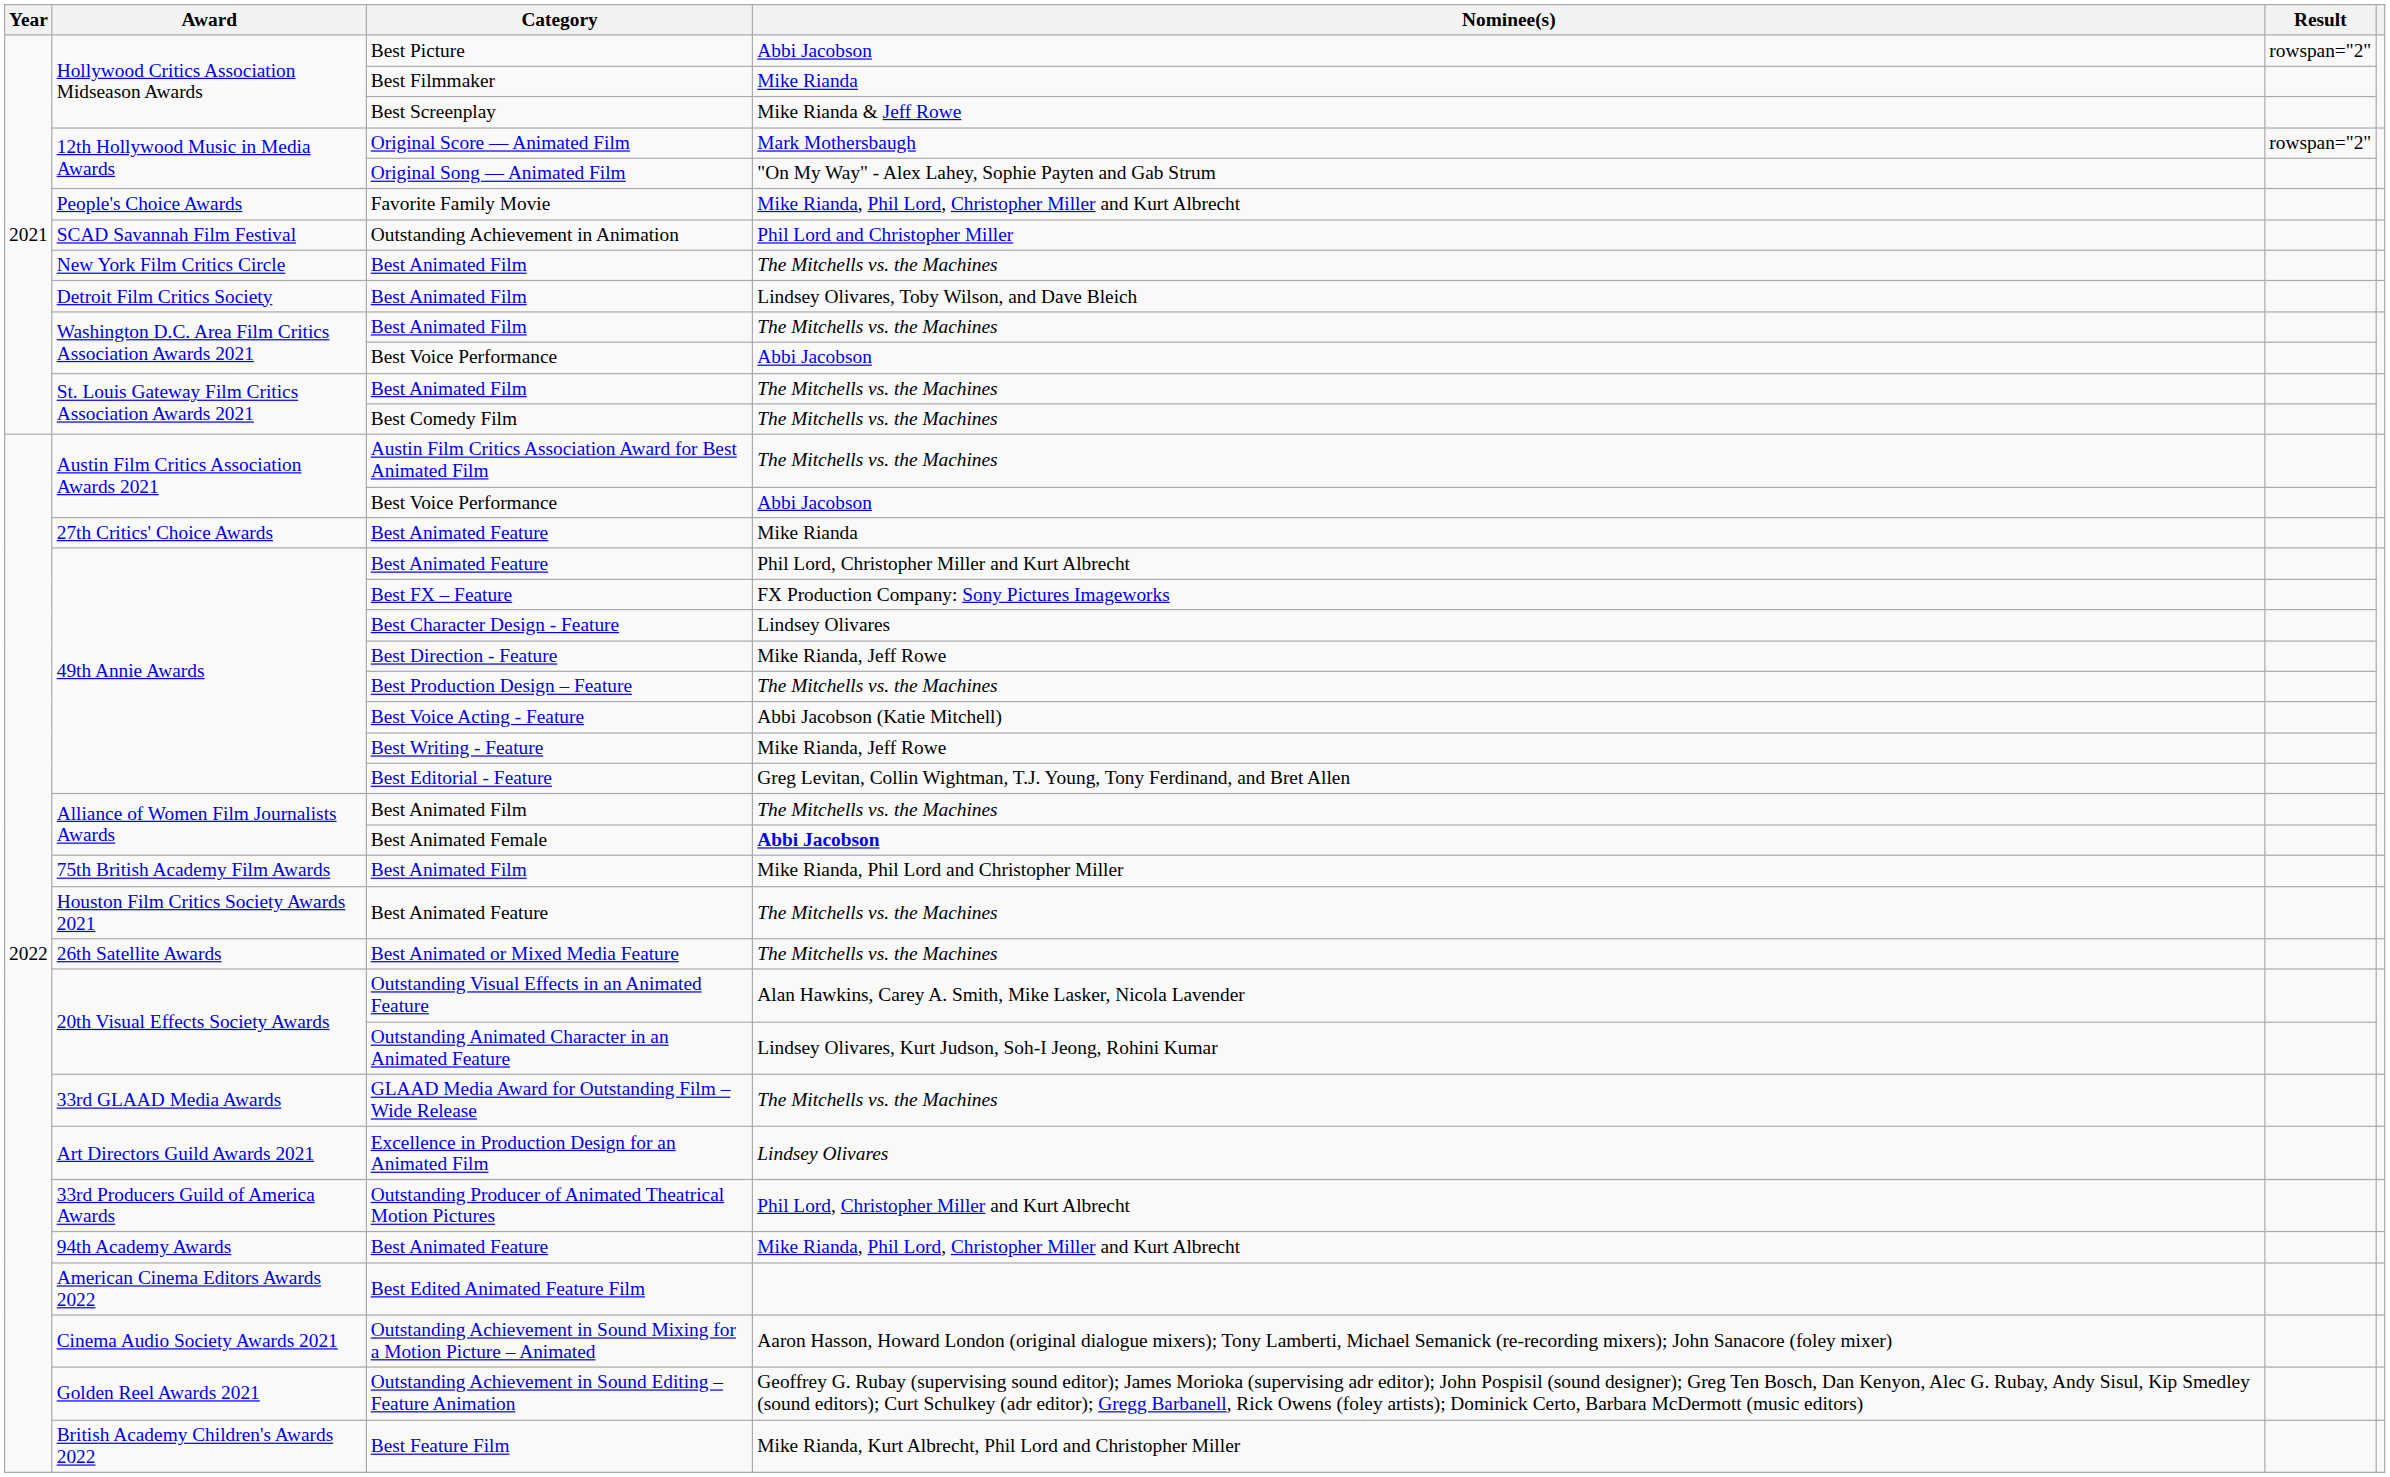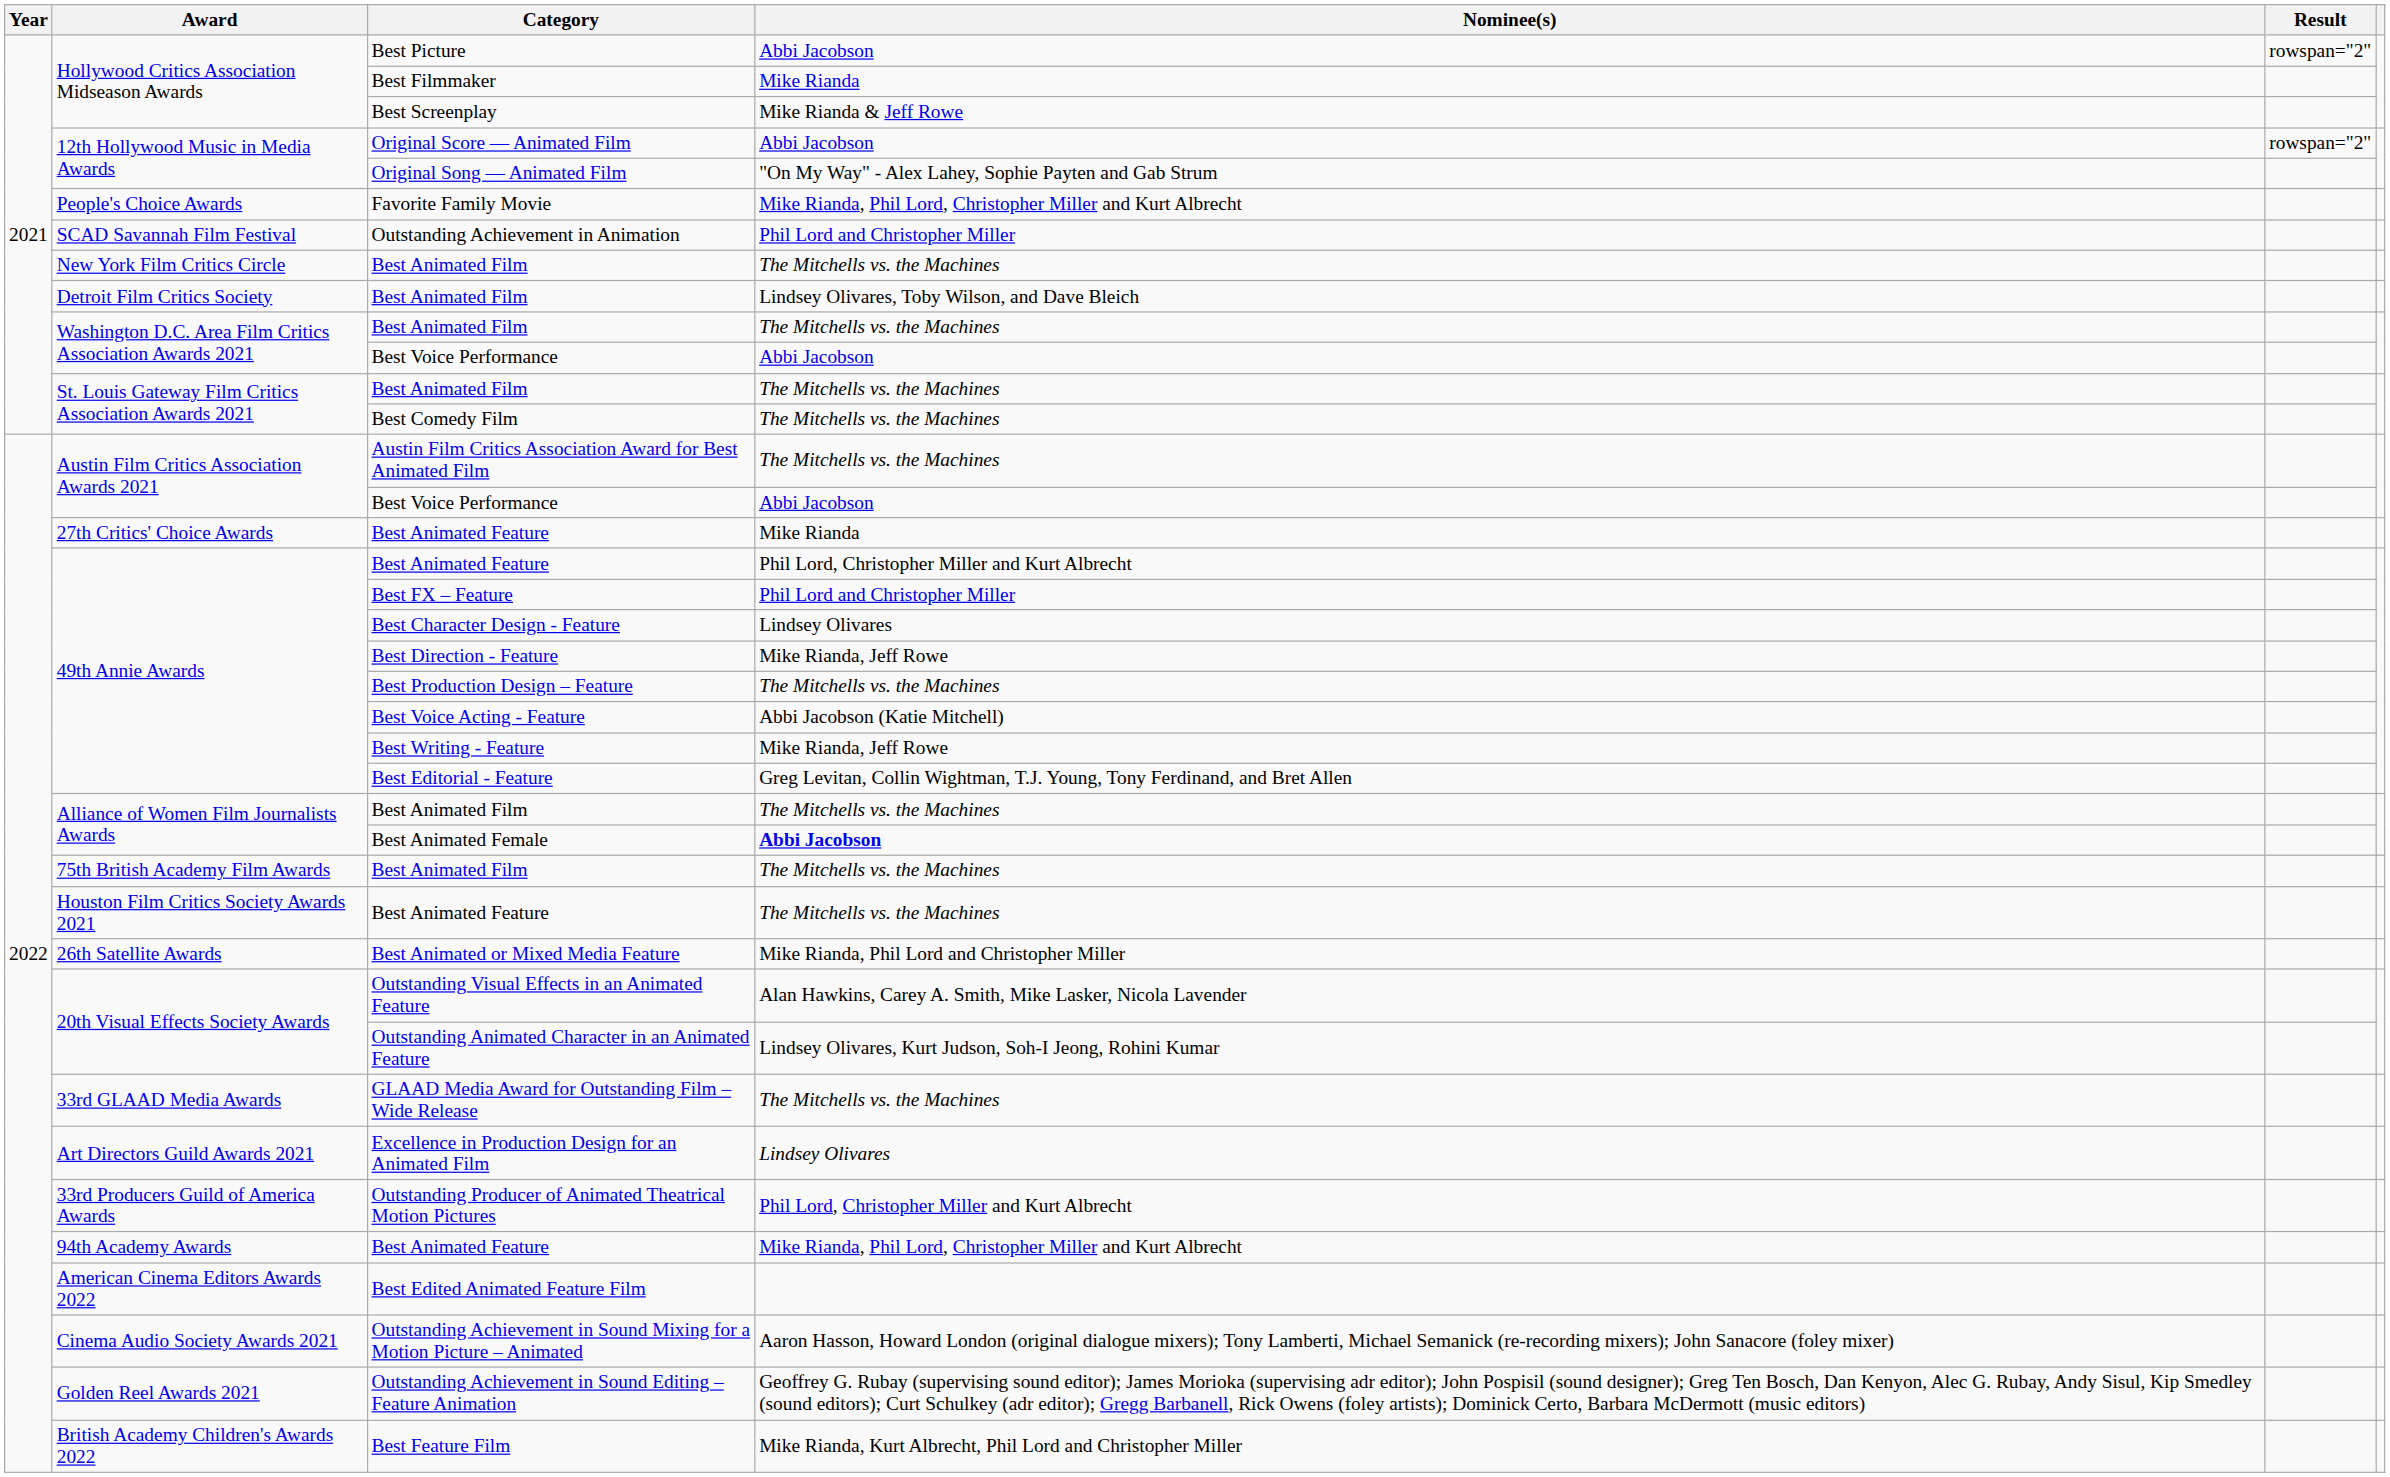 <table class="wikitable">
 <tr>
 <th>Year</th>
 <th>Award</th>
 <th>Category</th>
 <th>Nominee(s)</th>
 <th>Result</th>
 <th></th>
 </tr>
 <tr>
 <td rowspan="13">2021</td>
 <td rowspan="3"><a href='#'>Hollywood Critics Association</a> Midseason Awards</td>
 <td>Best Picture</td>
 <td><a href='#'>Abbi Jacobson</a></td>
 <td>rowspan="2" </td>
 <td rowspan="3" style="text-align:center;"></td>
 </tr>
 <tr>
 <td>Best Filmmaker</td>
 <td><a href='#'>Mike Rianda</a></td>
 </tr>
 <tr>
 <td>Best Screenplay</td>
 <td>Mike Rianda & <a href='#'>Jeff Rowe</a></td>
 <td></td>
 </tr>
 <tr>
 <td rowspan="2"><a href='#'>12th Hollywood Music in Media Awards</a></td>
 <td><a href='#'>Original Score — Animated Film</a></td>
-<td><a href='#'>Mark Mothersbaugh</a></td>
+<td><a href='#'>Abbi Jacobson</a></td>
 <td>rowspan="2" </td>
 <td rowspan="2" style="text-align:center;"></td>
 </tr>
 <tr>
 <td><a href='#'>Original Song — Animated Film</a></td>
 <td>"On My Way" - Alex Lahey, Sophie Payten and Gab Strum</td>
 </tr>
 <tr>
 <td><a href='#'>People's Choice Awards</a></td>
 <td>Favorite Family Movie</td>
 <td><a href='#'>Mike Rianda</a>, <a href='#'>Phil Lord</a>, <a href='#'>Christopher Miller</a> and Kurt Albrecht</td>
 <td></td>
 <td style="text-align:center;"></td>
 </tr>
 <tr>
 <td><a href='#'>SCAD Savannah Film Festival</a></td>
 <td>Outstanding Achievement in Animation</td>
 <td><a href='#'>Phil Lord and Christopher Miller</a></td>
 <td></td>
 <td style="text-align:center;"></td>
 </tr>
 <tr>
 <td><a href='#'>New York Film Critics Circle</a></td>
 <td><a href='#'>Best Animated Film</a></td>
 <td><em>The Mitchells vs. the Machines</em></td>
 <td></td>
 <td style="text-align:center;"></td>
 </tr>
 <tr>
 <td><a href='#'>Detroit Film Critics Society</a></td>
 <td><a href='#'>Best Animated Film</a></td>
 <td>Lindsey Olivares, Toby Wilson, and Dave Bleich</td>
 <td></td>
 <td style="text-align:center;"></td>
 </tr>
 <tr>
 <td rowspan="2"><a href='#'>Washington D.C. Area Film Critics Association Awards 2021</a></td>
 <td><a href='#'>Best Animated Film</a></td>
 <td><em>The Mitchells vs. the Machines</em></td>
 <td></td>
 <td rowspan="2" style="text-align:center;"></td>
 </tr>
 <tr>
 <td>Best Voice Performance</td>
 <td><a href='#'>Abbi Jacobson</a></td>
 <td></td>
 </tr>
 <tr>
 <td rowspan="2"><a href='#'>St. Louis Gateway Film Critics Association Awards 2021</a></td>
 <td><a href='#'>Best Animated Film</a></td>
 <td><em>The Mitchells vs. the Machines</em></td>
 <td></td>
 <td rowspan="2" style="text-align:center;"></td>
 </tr>
 <tr>
 <td>Best Comedy Film</td>
 <td><em>The Mitchells vs. the Machines</em></td>
 <td></td>
 </tr>
 <tr>
 <td rowspan="26">2022</td>
 <td rowspan="2"><a href='#'>Austin Film Critics Association Awards 2021</a></td>
 <td><a href='#'>Austin Film Critics Association Award for Best Animated Film</a></td>
 <td><em>The Mitchells vs. the Machines</em></td>
 <td></td>
 <td rowspan="2" style="text-align:center;"></td>
 </tr>
 <tr>
 <td>Best Voice Performance</td>
 <td><a href='#'>Abbi Jacobson</a></td>
 <td></td>
 </tr>
 <tr>
 <td><a href='#'>27th Critics' Choice Awards</a></td>
 <td><a href='#'>Best Animated Feature</a></td>
 <td>Mike Rianda</td>
 <td></td>
 <td style="text-align:center;"></td>
 </tr>
 <tr>
 <td rowspan="8"><a href='#'>49th Annie Awards</a></td>
 <td><a href='#'>Best Animated Feature</a></td>
 <td>Phil Lord, Christopher Miller and Kurt Albrecht</td>
 <td></td>
 <td rowspan="8" style="text-align:center;"></td>
 </tr>
 <tr>
 <td><a href='#'>Best FX – Feature</a></td>
-<td>FX Production Company: <a href='#'>Sony Pictures Imageworks</a></td>
+<td><a href='#'>Phil Lord and Christopher Miller</a></td>
 <td></td>
 </tr>
 <tr>
 <td><a href='#'>Best Character Design - Feature</a></td>
 <td>Lindsey Olivares</td>
 <td></td>
 </tr>
 <tr>
 <td><a href='#'>Best Direction - Feature</a></td>
 <td>Mike Rianda, Jeff Rowe</td>
 <td></td>
 </tr>
 <tr>
 <td><a href='#'>Best Production Design – Feature</a></td>
 <td><em>The Mitchells vs. the Machines</em></td>
 <td></td>
 </tr>
 <tr>
 <td><a href='#'>Best Voice Acting - Feature</a></td>
 <td>Abbi Jacobson (Katie Mitchell)</td>
 <td></td>
 </tr>
 <tr>
 <td><a href='#'>Best Writing - Feature</a></td>
 <td>Mike Rianda, Jeff Rowe</td>
 <td></td>
 </tr>
 <tr>
 <td><a href='#'>Best Editorial - Feature</a></td>
 <td>Greg Levitan, Collin Wightman, T.J. Young, Tony Ferdinand, and Bret Allen</td>
 <td></td>
 </tr>
 <tr>
 <td rowspan="2"><a href='#'>Alliance of Women Film Journalists Awards</a></td>
 <td>Best Animated Film</td>
 <td><em>The Mitchells vs. the Machines</em></td>
 <td></td>
 <td rowspan="2" style="text-align:center;"></td>
 </tr>
 <tr>
 <td>Best Animated Female</td>
 <td><strong><a href='#'>Abbi Jacobson</a></strong></td>
 <td></td>
 </tr>
 <tr>
 <td><a href='#'>75th British Academy Film Awards</a></td>
 <td><a href='#'>Best Animated Film</a></td>
-<td>Mike Rianda, Phil Lord and Christopher Miller</td>
+<td><em>The Mitchells vs. the Machines</em></td>
 <td></td>
 <td style="text-align:center;"></td>
 </tr>
 <tr>
 <td><a href='#'>Houston Film Critics Society Awards 2021</a></td>
 <td>Best Animated Feature</td>
 <td><em>The Mitchells vs. the Machines</em></td>
 <td></td>
 <td style="text-align:center;"></td>
 </tr>
 <tr>
 <td><a href='#'>26th Satellite Awards</a></td>
 <td><a href='#'>Best Animated or Mixed Media Feature</a></td>
-<td><em>The Mitchells vs. the Machines</em></td>
+<td>Mike Rianda, Phil Lord and Christopher Miller</td>
 <td></td>
 <td style="text-align:center;"></td>
 </tr>
 <tr>
 <td rowspan="2"><a href='#'>20th Visual Effects Society Awards</a></td>
 <td><a href='#'>Outstanding Visual Effects in an Animated Feature</a></td>
 <td>Alan Hawkins, Carey A. Smith, Mike Lasker, Nicola Lavender</td>
 <td></td>
 <td rowspan="2" style="text-align:center;"></td>
 </tr>
 <tr>
 <td><a href='#'>Outstanding Animated Character in an Animated Feature</a></td>
 <td>Lindsey Olivares, Kurt Judson, Soh-I Jeong, Rohini Kumar </td>
 <td></td>
 </tr>
 <tr>
 <td><a href='#'>33rd GLAAD Media Awards</a></td>
 <td><a href='#'>GLAAD Media Award for Outstanding Film – Wide Release</a></td>
 <td><em>The Mitchells vs. the Machines</em></td>
 <td></td>
 <td style="text-align:center;"></td>
 </tr>
 <tr>
 <td><a href='#'>Art Directors Guild Awards 2021</a></td>
 <td><a href='#'>Excellence in Production Design for an Animated Film</a></td>
 <td><em>Lindsey Olivares</em></td>
 <td></td>
 <td style="text-align:center;"></td>
 </tr>
 <tr>
 <td><a href='#'>33rd Producers Guild of America Awards</a></td>
 <td><a href='#'>Outstanding Producer of Animated Theatrical Motion Pictures</a></td>
 <td><a href='#'>Phil Lord</a>, <a href='#'>Christopher Miller</a> and Kurt Albrecht</td>
 <td></td>
 <td style="text-align:center;"></td>
 </tr>
 <tr>
 <td><a href='#'>94th Academy Awards</a></td>
 <td><a href='#'>Best Animated Feature</a></td>
 <td><a href='#'>Mike Rianda</a>, <a href='#'>Phil Lord</a>, <a href='#'>Christopher Miller</a> and Kurt Albrecht</td>
 <td></td>
 <td style="text-align:center;"></td>
 </tr>
 <tr>
 <td scope="row"><a href='#'>American Cinema Editors Awards 2022</a></td>
 <td><a href='#'>Best Edited Animated Feature Film</a></td>
 <td></td>
 <td></td>
 <td style="text-align:center;"></td>
 </tr>
 <tr>
 <td scope="row"><a href='#'>Cinema Audio Society Awards 2021</a></td>
 <td><a href='#'>Outstanding Achievement in Sound Mixing for a Motion Picture – Animated</a></td>
 <td>Aaron Hasson, Howard London (original dialogue mixers); Tony Lamberti, Michael Semanick (re-recording mixers); John Sanacore (foley mixer)</td>
 <td></td>
 <td style="text-align:center;"></td>
 </tr>
 <tr>
 <td scope="row"><a href='#'>Golden Reel Awards 2021</a></td>
 <td><a href='#'>Outstanding Achievement in Sound Editing – Feature Animation</a></td>
 <td>Geoffrey G. Rubay (supervising sound editor); James Morioka (supervising adr editor); John Pospisil (sound designer); Greg Ten Bosch, Dan Kenyon, Alec G. Rubay, Andy Sisul, Kip Smedley (sound editors); Curt Schulkey (adr editor); <a href='#'>Gregg Barbanell</a>, Rick Owens (foley artists); Dominick Certo, Barbara McDermott (music editors)</td>
 <td></td>
 <td style="text-align:center;"></td>
 </tr>
 <tr>
 <td><a href='#'>British Academy Children's Awards 2022</a></td>
 <td><a href='#'>Best Feature Film</a></td>
 <td>Mike Rianda, Kurt Albrecht, Phil Lord and Christopher Miller</td>
 <td></td>
 <td style="text-align:center;"></td>
 </tr>
 </table>
